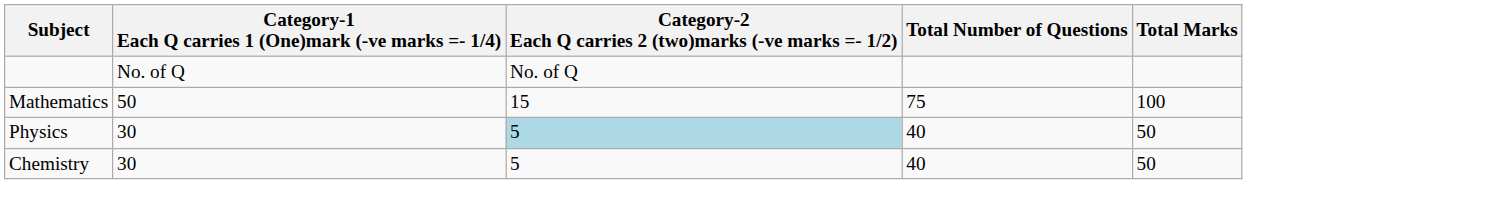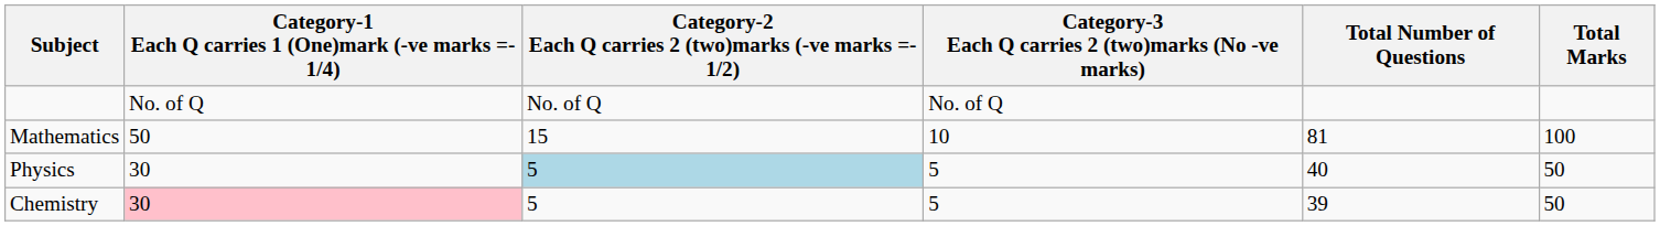 <table class="wikitable">
 <tr>
 <th>Subject</th>
 <th>Category-1<br>Each Q carries 1 (One)mark  (-ve marks =- 1/4)</th>
 <th>Category-2<br>Each Q carries 2 (two)marks  (-ve marks =- 1/2)</th>
+<th>Category-3<br>Each Q carries 2 (two)marks  (No -ve marks)</th>
 <th>Total Number of Questions</th>
 <th>Total Marks</th>
 </tr>
 <tr>
 <td></td>
+<td>No. of Q</td>
 <td>No. of Q</td>
 <td>No. of Q</td>
 <td></td>
 <td></td>
 </tr>
 <tr>
 <td>Mathematics</td>
 <td>50</td>
 <td>15</td>
-<td>75</td>
+<td>10</td>
+<td>81</td>
 <td>100</td>
 </tr>
 <tr>
 <td>Physics</td>
 <td>30</td>
 <td style="background: lightblue;">5</td>
+<td>5</td>
 <td>40</td>
 <td>50</td>
 </tr>
 <tr>
 <td>Chemistry</td>
-<td>30</td>
+<td style="background: pink;">30</td>
 <td>5</td>
-<td>40</td>
+<td>5</td>
+<td>39</td>
 <td>50</td>
 </tr>
 </table>
